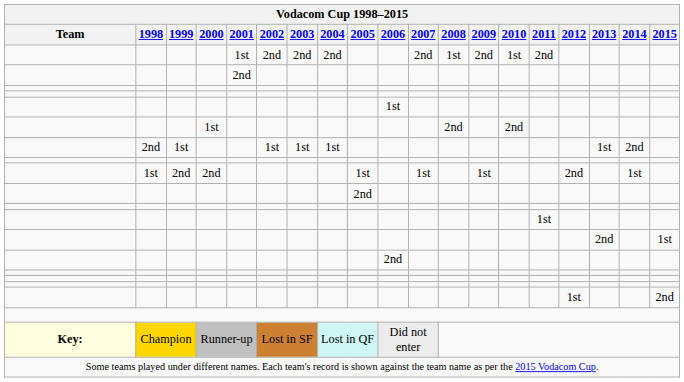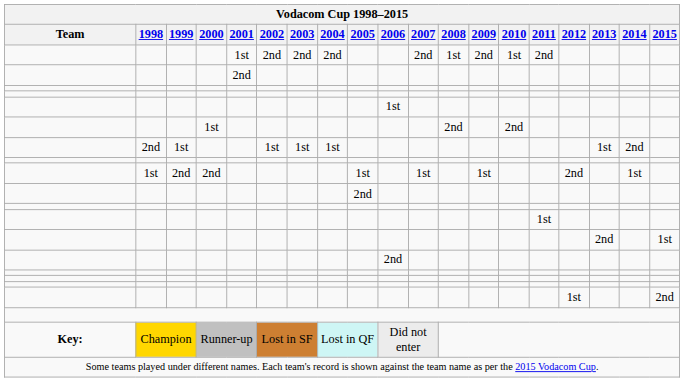 <table class="wikitable sortable" style="text-align:center; font-size:85%; width:85%">
 <tr>
 <th colspan=100%>Vodacom Cup 1998–2015</th>
 </tr>
 <tr>
 <th style="width:28%;">Team</th>
 <th style="width:4%;"><a href='#'>1998</a></th>
 <th style="width:4%;"><a href='#'>1999</a></th>
 <th style="width:4%;"><a href='#'>2000</a></th>
 <th style="width:4%;"><a href='#'>2001</a></th>
 <th style="width:4%;"><a href='#'>2002</a></th>
 <th style="width:4%;"><a href='#'>2003</a></th>
 <th style="width:4%;"><a href='#'>2004</a></th>
 <th style="width:4%;"><a href='#'>2005</a></th>
 <th style="width:4%;"><a href='#'>2006</a></th>
 <th style="width:4%;"><a href='#'>2007</a></th>
 <th style="width:4%;"><a href='#'>2008</a></th>
 <th style="width:4%;"><a href='#'>2009</a></th>
 <th style="width:4%;"><a href='#'>2010</a></th>
 <th style="width:4%;"><a href='#'>2011</a></th>
 <th style="width:4%;"><a href='#'>2012</a></th>
 <th style="width:4%;"><a href='#'>2013</a></th>
 <th style="width:4%;"><a href='#'>2014</a></th>
 <th style="width:4%;"><a href='#'>2015</a></th>
 </tr>
 <tr>
 <td style="text-align:left;"></td>
 <td></td>
 <td></td>
 <td></td>
 <td>1st</td>
 <td>2nd</td>
 <td>2nd</td>
 <td>2nd</td>
 <td></td>
 <td></td>
 <td>2nd</td>
 <td>1st</td>
 <td>2nd</td>
 <td>1st</td>
 <td>2nd</td>
 <td></td>
 <td></td>
 <td></td>
 <td></td>
 </tr>
 <tr>
 <td style="text-align:left;"></td>
 <td></td>
 <td></td>
 <td></td>
 <td>2nd</td>
 <td></td>
 <td></td>
 <td></td>
 <td></td>
 <td></td>
 <td></td>
 <td></td>
 <td></td>
 <td></td>
 <td></td>
 <td></td>
 <td></td>
 <td></td>
 <td></td>
 </tr>
 <tr>
 <td style="text-align:left;"></td>
 <td></td>
 <td></td>
 <td></td>
 <td></td>
 <td></td>
 <td></td>
 <td></td>
 <td></td>
 <td></td>
 <td></td>
 <td></td>
 <td></td>
 <td></td>
 <td></td>
 <td></td>
 <td></td>
 <td></td>
 <td></td>
 </tr>
 <tr>
 <td style="text-align:left;"></td>
 <td></td>
 <td></td>
 <td></td>
 <td></td>
 <td></td>
 <td></td>
 <td></td>
 <td></td>
 <td></td>
 <td></td>
 <td></td>
 <td></td>
 <td></td>
 <td></td>
 <td></td>
 <td></td>
 <td></td>
 <td></td>
 </tr>
 <tr>
 <td style="text-align:left;"></td>
 <td></td>
 <td></td>
 <td></td>
 <td></td>
 <td></td>
 <td></td>
 <td></td>
 <td></td>
 <td>1st</td>
 <td></td>
 <td></td>
 <td></td>
 <td></td>
 <td></td>
 <td></td>
 <td></td>
 <td></td>
 <td></td>
 </tr>
 <tr>
 <td style="text-align:left;"></td>
 <td></td>
 <td></td>
 <td>1st</td>
 <td></td>
 <td></td>
 <td></td>
 <td></td>
 <td></td>
 <td></td>
 <td></td>
 <td>2nd</td>
 <td></td>
 <td>2nd</td>
 <td></td>
 <td></td>
 <td></td>
 <td></td>
 <td></td>
 </tr>
 <tr>
 <td style="text-align:left;"></td>
 <td>2nd</td>
 <td>1st</td>
 <td></td>
 <td></td>
 <td>1st</td>
 <td>1st</td>
 <td>1st</td>
 <td></td>
 <td></td>
 <td></td>
 <td></td>
 <td></td>
 <td></td>
 <td></td>
 <td></td>
 <td>1st</td>
 <td>2nd</td>
 <td></td>
 </tr>
 <tr>
 <td style="text-align:left;"></td>
 <td></td>
 <td></td>
 <td></td>
 <td></td>
 <td></td>
 <td></td>
 <td></td>
 <td></td>
 <td></td>
 <td></td>
 <td></td>
 <td></td>
 <td></td>
 <td></td>
 <td></td>
 <td></td>
 <td></td>
 <td></td>
 </tr>
 <tr>
 <td style="text-align:left;"></td>
 <td>1st</td>
 <td>2nd</td>
 <td>2nd</td>
 <td></td>
 <td></td>
 <td></td>
 <td></td>
 <td>1st</td>
 <td></td>
 <td>1st</td>
 <td></td>
 <td>1st</td>
 <td></td>
 <td></td>
 <td>2nd</td>
 <td></td>
 <td>1st</td>
 <td></td>
 </tr>
 <tr>
 <td style="text-align:left;"></td>
 <td></td>
 <td></td>
 <td></td>
 <td></td>
 <td></td>
 <td></td>
 <td></td>
 <td>2nd</td>
 <td></td>
 <td></td>
 <td></td>
 <td></td>
 <td></td>
 <td></td>
 <td></td>
 <td></td>
 <td></td>
 <td></td>
 </tr>
 <tr>
 <td style="text-align:left;"></td>
 <td> </td>
 <td> </td>
 <td> </td>
 <td> </td>
 <td> </td>
 <td> </td>
 <td> </td>
 <td> </td>
 <td> </td>
 <td> </td>
 <td> </td>
 <td> </td>
 <td> </td>
 <td> </td>
 <td> </td>
 <td></td>
 <td></td>
 <td></td>
 </tr>
 <tr>
 <td style="text-align:left;"></td>
 <td> </td>
 <td> </td>
 <td> </td>
 <td> </td>
 <td> </td>
 <td> </td>
 <td> </td>
 <td> </td>
 <td> </td>
 <td> </td>
 <td> </td>
 <td> </td>
 <td></td>
 <td>1st</td>
 <td></td>
 <td></td>
 <td> </td>
 <td> </td>
 </tr>
 <tr>
 <td style="text-align:left;"></td>
 <td></td>
 <td></td>
 <td></td>
 <td></td>
 <td></td>
 <td></td>
 <td></td>
 <td></td>
 <td></td>
 <td></td>
 <td></td>
 <td></td>
 <td></td>
 <td></td>
 <td></td>
 <td>2nd</td>
 <td></td>
 <td>1st</td>
 </tr>
 <tr>
 <td style="text-align:left;"></td>
 <td></td>
 <td></td>
 <td></td>
 <td></td>
 <td></td>
 <td></td>
 <td></td>
 <td></td>
 <td>2nd</td>
 <td></td>
 <td></td>
 <td></td>
 <td></td>
 <td></td>
 <td></td>
 <td></td>
 <td></td>
 <td></td>
 </tr>
 <tr>
 <td style="text-align:left;"></td>
 <td> </td>
 <td> </td>
 <td> </td>
 <td> </td>
 <td> </td>
 <td> </td>
 <td> </td>
 <td> </td>
 <td> </td>
 <td> </td>
 <td> </td>
 <td> </td>
 <td> </td>
 <td> </td>
 <td> </td>
 <td> </td>
 <td></td>
 <td> </td>
 </tr>
 <tr>
 <td style="text-align:left;"></td>
 <td></td>
 <td></td>
 <td></td>
 <td></td>
 <td></td>
 <td></td>
 <td></td>
 <td></td>
 <td></td>
 <td></td>
 <td></td>
 <td></td>
 <td></td>
 <td></td>
 <td></td>
 <td></td>
 <td></td>
 <td></td>
 </tr>
 <tr>
 <td style="text-align:left;"></td>
 <td> </td>
 <td></td>
 <td></td>
 <td></td>
 <td> </td>
 <td> </td>
 <td> </td>
 <td> </td>
 <td> </td>
 <td> </td>
 <td> </td>
 <td> </td>
 <td></td>
 <td></td>
 <td> </td>
 <td> </td>
 <td> </td>
 <td></td>
 </tr>
 <tr>
 <td style="text-align:left;"></td>
 <td></td>
 <td></td>
 <td></td>
 <td></td>
 <td></td>
 <td></td>
 <td></td>
 <td></td>
 <td></td>
 <td></td>
 <td></td>
 <td></td>
 <td></td>
 <td></td>
 <td>1st</td>
 <td></td>
 <td></td>
 <td>2nd</td>
 </tr>
 <tr>
 <td colspan=100% style="height:10px"></td>
 </tr>
 <tr>
-<td style="background: lightyellow;"><strong>Key:</strong></td>
+<td><strong>Key:</strong></td>
 <td style="background:#FFD700;" colspan=2>Champion</td>
 <td style="background:#C0C0C0;" colspan=2>Runner-up</td>
 <td style="background:#CD7F32;" colspan=2>Lost in SF</td>
 <td style="background:#CEF6F5;" colspan=2>Lost in QF</td>
 <td style="background:#ECECEC;" colspan=2>Did not enter</td>
 <td colspan=100% style="height:10px"></td>
 </tr>
 <tr>
 <td colspan=100%><small>Some teams played under different names. Each team's record is shown against the team name as per the <a href='#'>2015 Vodacom Cup</a>.</small></td>
 </tr>
 </table>
